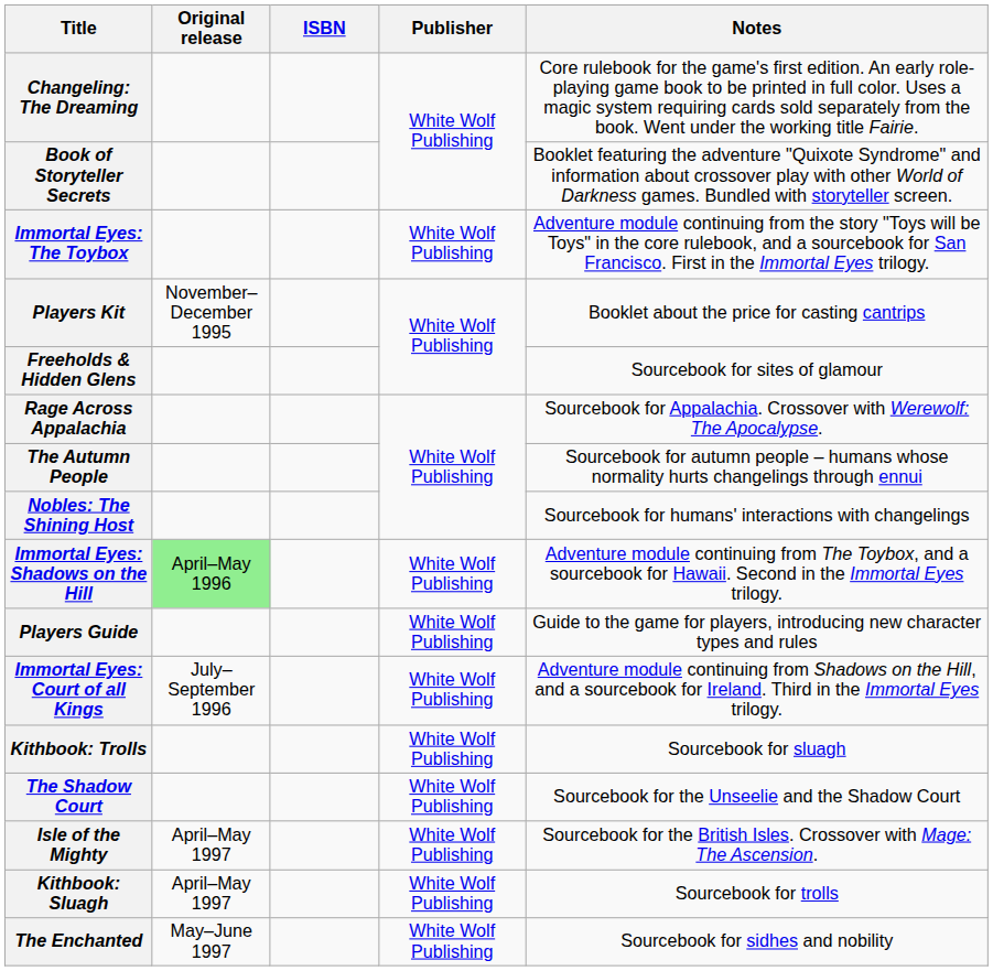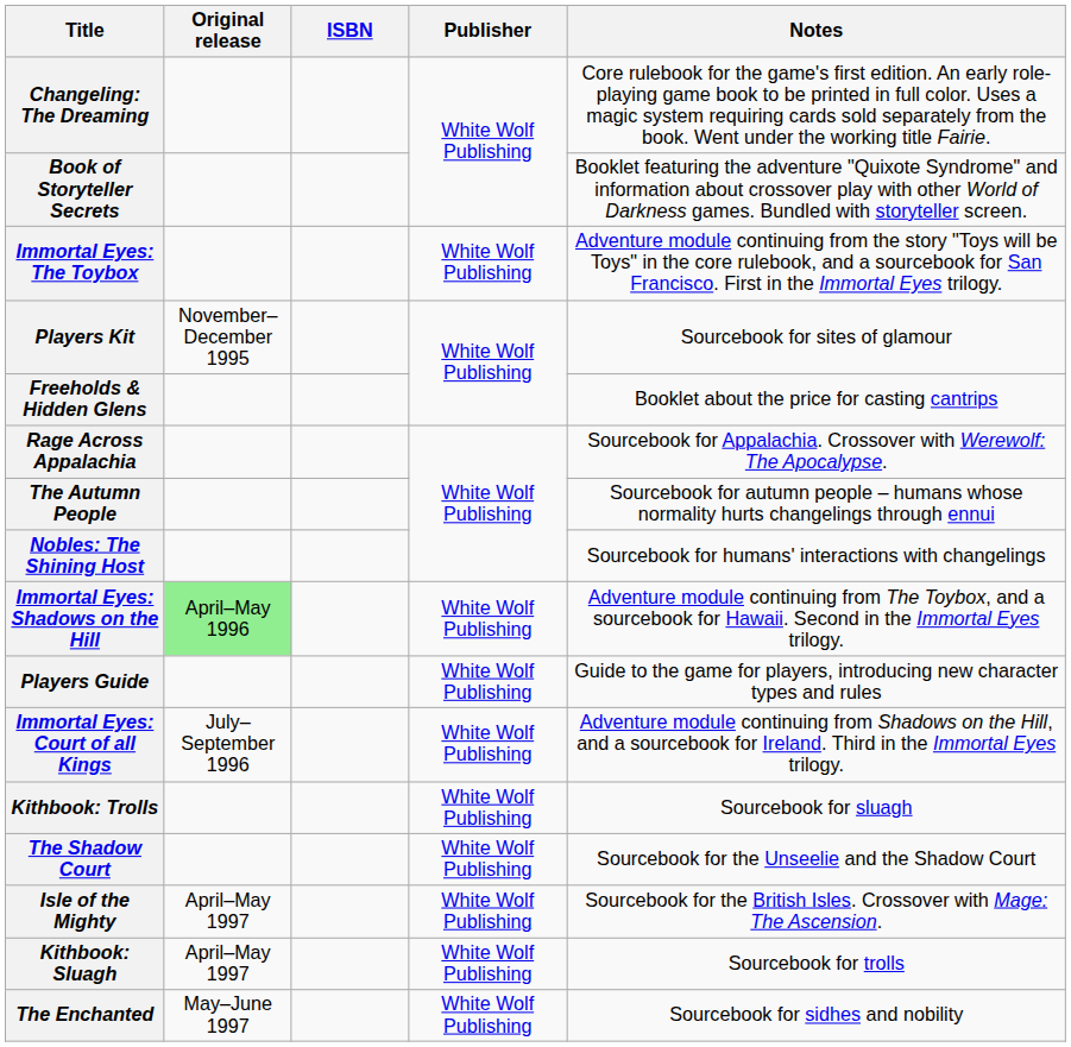 <table class="wikitable sortable plainrowheaders" style="width: 100%;">
 <tr>
 <th scope="col" style="width:15%;">Title</th>
 <th scope="col" style="width:12%;">Original release </th>
 <th scope="col" style="width:11%;"><a href='#'>ISBN</a></th>
 <th scope="col" style="width:15%;">Publisher</th>
 <th scope="col" style="width:47%;">Notes</th>
 </tr>
 <tr style="text-align: center;">
 <th scope="row" style="text-align:center;"><em>Changeling: The Dreaming</em></th>
 <td></td>
 <td></td>
 <td rowspan="2"><a href='#'>White Wolf Publishing</a></td>
 <td>Core rulebook for the game's first edition. An early role-playing game book to be printed in full color. Uses a magic system requiring cards sold separately from the book. Went under the working title <em>Fairie</em>.</td>
 </tr>
 <tr style="text-align: center;">
 <th scope="row" style="text-align:center;"><em>Book of Storyteller Secrets</em></th>
 <td></td>
 <td></td>
 <td>Booklet featuring the adventure "Quixote Syndrome" and information about crossover play with other <em>World of Darkness</em> games. Bundled with <a href='#'>storyteller</a> screen.</td>
 </tr>
 <tr style="text-align: center;">
 <th scope="row" style="text-align:center;"><em><a href='#'>Immortal Eyes: The Toybox</a></em></th>
 <td></td>
 <td></td>
 <td><a href='#'>White Wolf Publishing</a></td>
 <td><a href='#'>Adventure module</a> continuing from the story "Toys will be Toys" in the core rulebook, and a sourcebook for <a href='#'>San Francisco</a>. First in the <em><a href='#'>Immortal Eyes</a></em> trilogy.</td>
 </tr>
 <tr style="text-align: center;">
 <th scope="row" style="text-align:center;"><em>Players Kit</em></th>
 <td>November–December 1995</td>
 <td></td>
 <td rowspan="2"><a href='#'>White Wolf Publishing</a></td>
-<td>Booklet about the price for casting <a href='#'>cantrips</a></td>
+<td>Sourcebook for sites of glamour</td>
 </tr>
 <tr style="text-align: center;">
 <th scope="row" style="text-align:center;"><em>Freeholds & Hidden Glens</em></th>
 <td></td>
 <td></td>
-<td>Sourcebook for sites of glamour</td>
+<td>Booklet about the price for casting <a href='#'>cantrips</a></td>
 </tr>
 <tr style="text-align: center;">
 <th scope="row" style="text-align:center;"><em>Rage Across Appalachia</em></th>
 <td></td>
 <td></td>
 <td rowspan="3"><a href='#'>White Wolf Publishing</a></td>
 <td>Sourcebook for <a href='#'>Appalachia</a>. Crossover with <em><a href='#'>Werewolf: The Apocalypse</a></em>.</td>
 </tr>
 <tr style="text-align: center;">
 <th scope="row" style="text-align:center;"><em>The Autumn People</em></th>
 <td></td>
 <td></td>
 <td>Sourcebook for autumn people – humans whose normality hurts changelings through <a href='#'>ennui</a></td>
 </tr>
 <tr style="text-align: center;">
 <th scope="row" style="text-align:center;"><em><a href='#'>Nobles: The Shining Host</a></em></th>
 <td></td>
 <td></td>
 <td>Sourcebook for humans' interactions with changelings</td>
 </tr>
 <tr style="text-align: center;">
 <th scope="row" style="text-align:center;"><em><a href='#'>Immortal Eyes: Shadows on the Hill</a></em></th>
 <td style="background: lightgreen;">April–May 1996</td>
 <td></td>
 <td><a href='#'>White Wolf Publishing</a></td>
 <td><a href='#'>Adventure module</a> continuing from <em>The Toybox</em>, and a sourcebook for <a href='#'>Hawaii</a>. Second in the <em><a href='#'>Immortal Eyes</a></em> trilogy.</td>
 </tr>
 <tr style="text-align: center;">
 <th scope="row" style="text-align:center;"><em>Players Guide</em></th>
 <td></td>
 <td></td>
 <td><a href='#'>White Wolf Publishing</a></td>
 <td>Guide to the game for players, introducing new character types and rules</td>
 </tr>
 <tr style="text-align: center;">
 <th scope="row" style="text-align:center;"><em><a href='#'>Immortal Eyes: Court of all Kings</a></em></th>
 <td>July–September 1996</td>
 <td></td>
 <td><a href='#'>White Wolf Publishing</a></td>
 <td><a href='#'>Adventure module</a> continuing from <em>Shadows on the Hill</em>, and a sourcebook for <a href='#'>Ireland</a>. Third in the <em><a href='#'>Immortal Eyes</a></em> trilogy.</td>
 </tr>
 <tr style="text-align: center;">
 <th scope="row" style="text-align:center;"><em>Kithbook: Trolls</em></th>
 <td></td>
 <td></td>
 <td><a href='#'>White Wolf Publishing</a></td>
 <td>Sourcebook for <a href='#'>sluagh</a></td>
 </tr>
 <tr style="text-align: center;">
 <th scope="row" style="text-align:center;"><em><a href='#'>The Shadow Court</a></em></th>
 <td></td>
 <td></td>
 <td><a href='#'>White Wolf Publishing</a></td>
 <td>Sourcebook for the <a href='#'>Unseelie</a> and the Shadow Court</td>
 </tr>
 <tr style="text-align: center;">
 <th scope="row" style="text-align:center;"><em>Isle of the Mighty</em></th>
 <td>April–May 1997</td>
 <td></td>
 <td><a href='#'>White Wolf Publishing</a></td>
 <td>Sourcebook for the <a href='#'>British Isles</a>. Crossover with <em><a href='#'>Mage: The Ascension</a></em>.</td>
 </tr>
 <tr style="text-align: center;">
 <th scope="row" style="text-align:center;"><em>Kithbook: Sluagh</em></th>
 <td>April–May 1997</td>
 <td></td>
 <td><a href='#'>White Wolf Publishing</a></td>
 <td>Sourcebook for <a href='#'>trolls</a></td>
 </tr>
 <tr style="text-align: center;">
 <th scope="row" style="text-align:center;"><em>The Enchanted</em></th>
 <td>May–June 1997</td>
 <td></td>
 <td><a href='#'>White Wolf Publishing</a></td>
 <td>Sourcebook for <a href='#'>sidhes</a> and nobility</td>
 </tr>
 </table>
